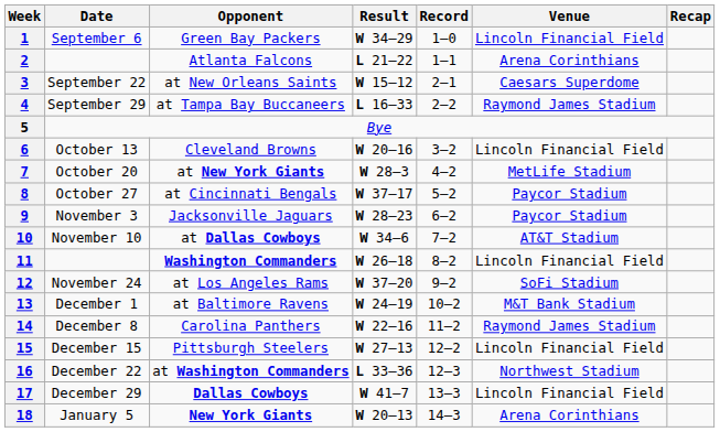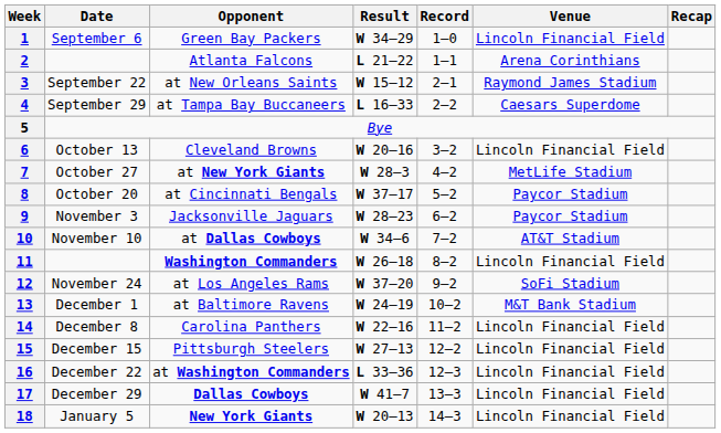 <table class="wikitable" style="text-align:center">
 <tr>
 <th>Week</th>
 <th>Date</th>
 <th>Opponent</th>
 <th>Result</th>
 <th>Record</th>
 <th>Venue</th>
 <th>Recap</th>
 </tr>
 <tr>
 <th><a href='#'>1</a></th>
 <td><a href='#'>September 6</a></td>
 <td><a href='#'>Green Bay Packers</a></td>
 <td><strong>W</strong> 34–29</td>
 <td>1–0</td>
 <td><a href='#'>Lincoln Financial Field</a></td>
 <td></td>
 </tr>
 <tr>
 <th><a href='#'>2</a></th>
 <td></td>
 <td><a href='#'>Atlanta Falcons</a></td>
 <td><strong>L</strong> 21–22</td>
 <td>1–1</td>
 <td> <a href='#'>Arena Corinthians</a> </td>
 <td></td>
 </tr>
 <tr>
 <th><a href='#'>3</a></th>
 <td>September 22</td>
 <td>at <a href='#'>New Orleans Saints</a></td>
 <td><strong>W</strong> 15–12</td>
 <td>2–1</td>
-<td><a href='#'>Caesars Superdome</a></td>
+<td><a href='#'>Raymond James Stadium</a></td>
 <td></td>
 </tr>
 <tr>
 <th><a href='#'>4</a></th>
 <td>September 29</td>
 <td>at <a href='#'>Tampa Bay Buccaneers</a></td>
 <td><strong>L</strong> 16–33</td>
 <td>2–2</td>
-<td><a href='#'>Raymond James Stadium</a></td>
+<td><a href='#'>Caesars Superdome</a></td>
 <td></td>
 </tr>
 <tr>
 <th>5</th>
 <td colspan="6"><em><a href='#'>Bye</a></em></td>
 </tr>
 <tr>
 <th><a href='#'>6</a></th>
 <td>October 13</td>
 <td><a href='#'>Cleveland Browns</a></td>
 <td><strong>W</strong> 20–16</td>
 <td>3–2</td>
 <td>Lincoln Financial Field</td>
 <td></td>
 </tr>
 <tr>
 <th><a href='#'>7</a></th>
-<td>October 20</td>
+<td>October 27</td>
 <td>at <strong><a href='#'>New York Giants</a></strong></td>
 <td><strong>W</strong> 28–3</td>
 <td>4–2</td>
 <td><a href='#'>MetLife Stadium</a></td>
 <td></td>
 </tr>
 <tr>
 <th><a href='#'>8</a></th>
-<td>October 27</td>
+<td>October 20</td>
 <td>at <a href='#'>Cincinnati Bengals</a></td>
 <td><strong>W</strong> 37–17</td>
 <td>5–2</td>
 <td><a href='#'>Paycor Stadium</a></td>
 <td></td>
 </tr>
 <tr>
 <th><a href='#'>9</a></th>
 <td>November 3</td>
 <td><a href='#'>Jacksonville Jaguars</a></td>
 <td><strong>W</strong> 28–23</td>
 <td>6–2</td>
 <td><a href='#'>Paycor Stadium</a></td>
 <td></td>
 </tr>
 <tr>
 <th><a href='#'>10</a></th>
 <td>November 10</td>
 <td>at <strong><a href='#'>Dallas Cowboys</a></strong></td>
 <td><strong>W</strong> 34–6</td>
 <td>7–2</td>
 <td><a href='#'>AT&T Stadium</a></td>
 <td></td>
 </tr>
 <tr>
 <th><a href='#'>11</a></th>
 <td></td>
 <td><strong><a href='#'>Washington Commanders</a></strong></td>
 <td><strong>W</strong> 26–18</td>
 <td>8–2</td>
 <td>Lincoln Financial Field</td>
 <td></td>
 </tr>
 <tr>
 <th><a href='#'>12</a></th>
 <td>November 24</td>
 <td>at <a href='#'>Los Angeles Rams</a></td>
 <td><strong>W</strong> 37–20</td>
 <td>9–2</td>
 <td><a href='#'>SoFi Stadium</a></td>
 <td></td>
 </tr>
 <tr>
 <th><a href='#'>13</a></th>
 <td>December 1</td>
 <td>at <a href='#'>Baltimore Ravens</a></td>
 <td><strong>W</strong> 24–19</td>
 <td>10–2</td>
 <td><a href='#'>M&T Bank Stadium</a></td>
 <td></td>
 </tr>
 <tr>
 <th><a href='#'>14</a></th>
 <td>December 8</td>
 <td><a href='#'>Carolina Panthers</a></td>
 <td><strong>W</strong> 22–16</td>
 <td>11–2</td>
-<td><a href='#'>Raymond James Stadium</a></td>
+<td>Lincoln Financial Field</td>
 <td></td>
 </tr>
 <tr>
 <th><a href='#'>15</a></th>
 <td>December 15</td>
 <td><a href='#'>Pittsburgh Steelers</a></td>
 <td><strong>W</strong> 27–13</td>
 <td>12–2</td>
 <td>Lincoln Financial Field</td>
 <td></td>
 </tr>
 <tr>
 <th><a href='#'>16</a></th>
 <td>December 22</td>
 <td>at <strong><a href='#'>Washington Commanders</a></strong></td>
 <td><strong>L</strong> 33–36</td>
 <td>12–3</td>
-<td><a href='#'>Northwest Stadium</a></td>
+<td>Lincoln Financial Field</td>
 <td></td>
 </tr>
 <tr>
 <th><a href='#'>17</a></th>
 <td>December 29</td>
 <td><strong><a href='#'>Dallas Cowboys</a></strong></td>
 <td><strong>W</strong> 41–7</td>
 <td>13–3</td>
 <td>Lincoln Financial Field</td>
 <td></td>
 </tr>
 <tr>
 <th><a href='#'>18</a></th>
 <td>January 5</td>
 <td><strong><a href='#'>New York Giants</a></strong></td>
 <td><strong>W</strong> 20–13</td>
 <td>14–3</td>
-<td> <a href='#'>Arena Corinthians</a> </td>
+<td>Lincoln Financial Field</td>
 <td></td>
 </tr>
 </table>
